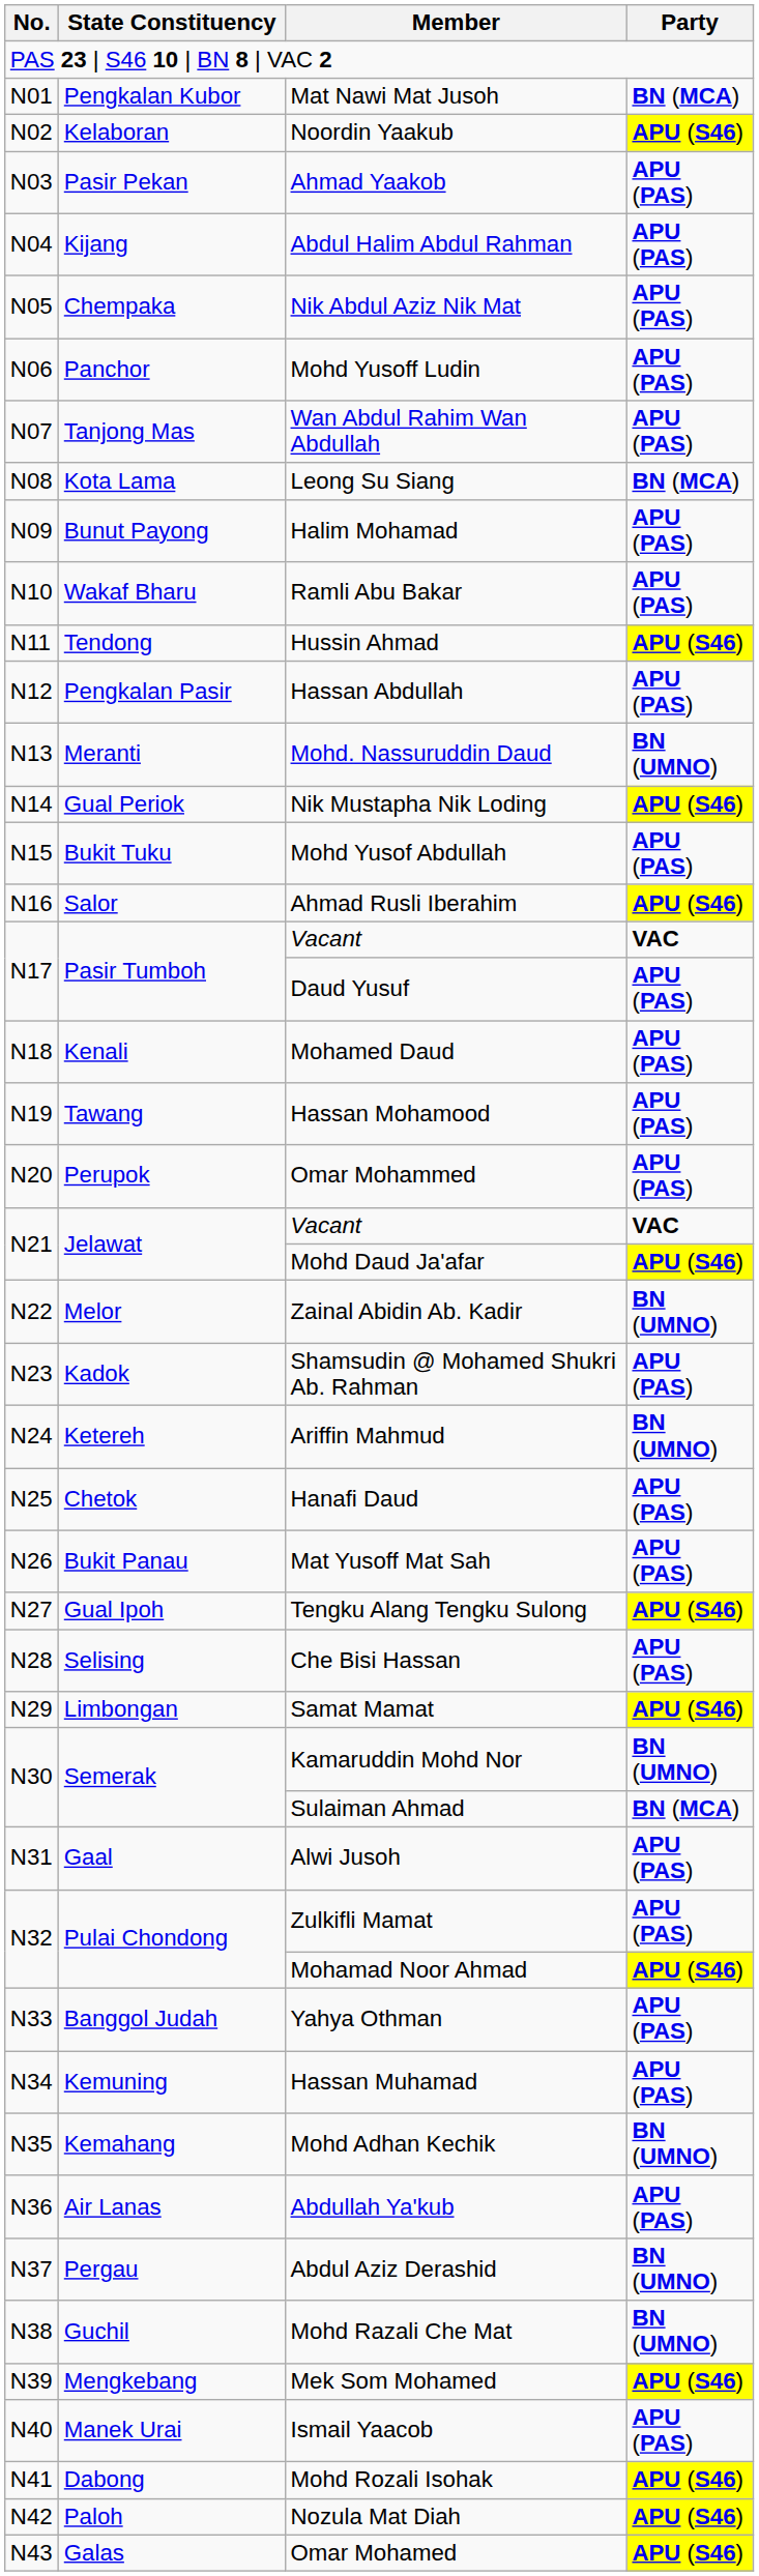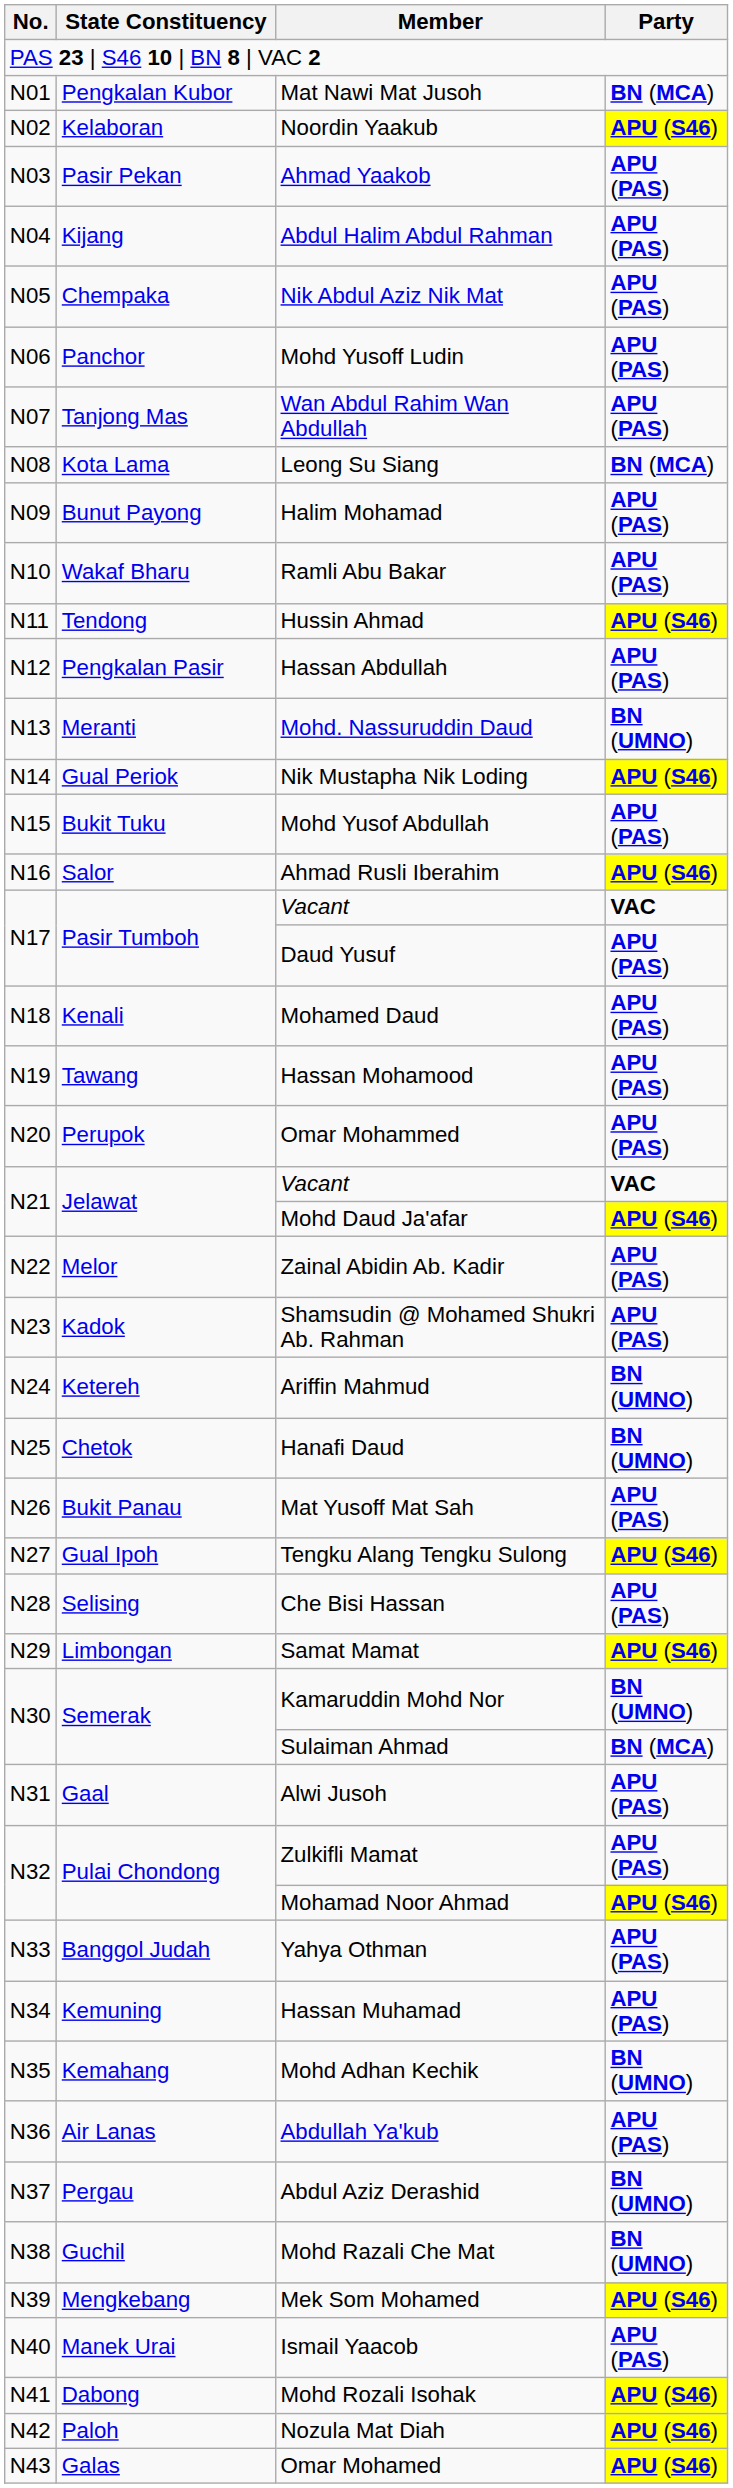 <table class="wikitable sortable">
 <tr>
 <th style="width:30px;">No.</th>
 <th style="width:150px;">State Constituency</th>
 <th style="width:230px;">Member</th>
 <th style="width:80px;">Party</th>
 </tr>
 <tr>
 <td colspan="4"><a href='#'>PAS</a> <strong>23</strong> | <a href='#'>S46</a> <strong>10</strong> | <a href='#'>BN</a> <strong>8</strong> | VAC <strong>2</strong></td>
 </tr>
 <tr>
 <td>N01</td>
 <td><a href='#'>Pengkalan Kubor</a></td>
 <td>Mat Nawi Mat Jusoh</td>
 <td><strong><a href='#'>BN</a></strong> (<strong><a href='#'>MCA</a></strong>)</td>
 </tr>
 <tr>
 <td>N02</td>
 <td><a href='#'>Kelaboran</a></td>
 <td>Noordin Yaakub</td>
 <td bgcolor="yellow"><strong><a href='#'>APU</a></strong> (<strong><a href='#'>S46</a></strong>)</td>
 </tr>
 <tr>
 <td>N03</td>
 <td><a href='#'>Pasir Pekan</a></td>
 <td><a href='#'>Ahmad Yaakob</a></td>
 <td><strong><a href='#'>APU</a></strong> (<strong><a href='#'>PAS</a></strong>)</td>
 </tr>
 <tr>
 <td>N04</td>
 <td><a href='#'>Kijang</a></td>
 <td><a href='#'>Abdul Halim Abdul Rahman</a></td>
 <td><strong><a href='#'>APU</a></strong> (<strong><a href='#'>PAS</a></strong>)</td>
 </tr>
 <tr>
 <td>N05</td>
 <td><a href='#'>Chempaka</a></td>
 <td><a href='#'>Nik Abdul Aziz Nik Mat</a></td>
 <td><strong><a href='#'>APU</a></strong> (<strong><a href='#'>PAS</a></strong>)</td>
 </tr>
 <tr>
 <td>N06</td>
 <td><a href='#'>Panchor</a></td>
 <td>Mohd Yusoff Ludin</td>
 <td><strong><a href='#'>APU</a></strong> (<strong><a href='#'>PAS</a></strong>)</td>
 </tr>
 <tr>
 <td>N07</td>
 <td><a href='#'>Tanjong Mas</a></td>
 <td><a href='#'>Wan Abdul Rahim Wan Abdullah</a></td>
 <td><strong><a href='#'>APU</a></strong> (<strong><a href='#'>PAS</a></strong>)</td>
 </tr>
 <tr>
 <td>N08</td>
 <td><a href='#'>Kota Lama</a></td>
 <td>Leong Su Siang</td>
 <td><strong><a href='#'>BN</a></strong> (<strong><a href='#'>MCA</a></strong>)</td>
 </tr>
 <tr>
 <td>N09</td>
 <td><a href='#'>Bunut Payong</a></td>
 <td>Halim Mohamad</td>
 <td><strong><a href='#'>APU</a></strong> (<strong><a href='#'>PAS</a></strong>)</td>
 </tr>
 <tr>
 <td>N10</td>
 <td><a href='#'>Wakaf Bharu</a></td>
 <td>Ramli Abu Bakar</td>
 <td><strong><a href='#'>APU</a></strong> (<strong><a href='#'>PAS</a></strong>)</td>
 </tr>
 <tr>
 <td>N11</td>
 <td><a href='#'>Tendong</a></td>
 <td>Hussin Ahmad</td>
 <td bgcolor="yellow"><strong><a href='#'>APU</a></strong> (<strong><a href='#'>S46</a></strong>)</td>
 </tr>
 <tr>
 <td>N12</td>
 <td><a href='#'>Pengkalan Pasir</a></td>
 <td>Hassan Abdullah</td>
 <td><strong><a href='#'>APU</a></strong> (<strong><a href='#'>PAS</a></strong>)</td>
 </tr>
 <tr>
 <td>N13</td>
 <td><a href='#'>Meranti</a></td>
 <td><a href='#'>Mohd. Nassuruddin Daud</a></td>
 <td><strong><a href='#'>BN</a></strong> (<strong><a href='#'>UMNO</a></strong>)</td>
 </tr>
 <tr>
 <td>N14</td>
 <td><a href='#'>Gual Periok</a></td>
 <td>Nik Mustapha Nik Loding</td>
 <td bgcolor="yellow"><strong><a href='#'>APU</a></strong> (<strong><a href='#'>S46</a></strong>)</td>
 </tr>
 <tr>
 <td>N15</td>
 <td><a href='#'>Bukit Tuku</a></td>
 <td>Mohd Yusof Abdullah</td>
 <td><strong><a href='#'>APU</a></strong> (<strong><a href='#'>PAS</a></strong>)</td>
 </tr>
 <tr>
 <td>N16</td>
 <td><a href='#'>Salor</a></td>
 <td>Ahmad Rusli Iberahim</td>
 <td bgcolor="yellow"><strong><a href='#'>APU</a></strong> (<strong><a href='#'>S46</a></strong>)</td>
 </tr>
 <tr>
 <td rowspan=2>N17</td>
 <td rowspan=2><a href='#'>Pasir Tumboh</a></td>
 <td><em>Vacant</em> </td>
 <td><strong>VAC</strong></td>
 </tr>
 <tr>
 <td>Daud Yusuf </td>
 <td><strong><a href='#'>APU</a></strong> (<strong><a href='#'>PAS</a></strong>)</td>
 </tr>
 <tr>
 <td>N18</td>
 <td><a href='#'>Kenali</a></td>
 <td>Mohamed Daud</td>
 <td><strong><a href='#'>APU</a></strong> (<strong><a href='#'>PAS</a></strong>)</td>
 </tr>
 <tr>
 <td>N19</td>
 <td><a href='#'>Tawang</a></td>
 <td>Hassan Mohamood</td>
 <td><strong><a href='#'>APU</a></strong> (<strong><a href='#'>PAS</a></strong>)</td>
 </tr>
 <tr>
 <td>N20</td>
 <td><a href='#'>Perupok</a></td>
 <td>Omar Mohammed</td>
 <td><strong><a href='#'>APU</a></strong> (<strong><a href='#'>PAS</a></strong>)</td>
 </tr>
 <tr>
 <td rowspan=2>N21</td>
 <td rowspan=2><a href='#'>Jelawat</a></td>
 <td><em>Vacant</em> </td>
 <td><strong>VAC</strong></td>
 </tr>
 <tr>
 <td>Mohd Daud Ja'afar </td>
 <td bgcolor="yellow"><strong><a href='#'>APU</a></strong> (<strong><a href='#'>S46</a></strong>)</td>
 </tr>
 <tr>
 <td>N22</td>
 <td><a href='#'>Melor</a></td>
 <td>Zainal Abidin Ab. Kadir</td>
-<td><strong><a href='#'>BN</a></strong> (<strong><a href='#'>UMNO</a></strong>)</td>
+<td><strong><a href='#'>APU</a></strong> (<strong><a href='#'>PAS</a></strong>)</td>
 </tr>
 <tr>
 <td>N23</td>
 <td><a href='#'>Kadok</a></td>
 <td>Shamsudin @ Mohamed Shukri Ab. Rahman</td>
 <td><strong><a href='#'>APU</a></strong> (<strong><a href='#'>PAS</a></strong>)</td>
 </tr>
 <tr>
 <td>N24</td>
 <td><a href='#'>Ketereh</a></td>
 <td>Ariffin Mahmud</td>
 <td><strong><a href='#'>BN</a></strong> (<strong><a href='#'>UMNO</a></strong>)</td>
 </tr>
 <tr>
 <td>N25</td>
 <td><a href='#'>Chetok</a></td>
 <td>Hanafi Daud</td>
-<td><strong><a href='#'>APU</a></strong> (<strong><a href='#'>PAS</a></strong>)</td>
+<td><strong><a href='#'>BN</a></strong> (<strong><a href='#'>UMNO</a></strong>)</td>
 </tr>
 <tr>
 <td>N26</td>
 <td><a href='#'>Bukit Panau</a></td>
 <td>Mat Yusoff Mat Sah</td>
 <td><strong><a href='#'>APU</a></strong> (<strong><a href='#'>PAS</a></strong>)</td>
 </tr>
 <tr>
 <td>N27</td>
 <td><a href='#'>Gual Ipoh</a></td>
 <td>Tengku Alang Tengku Sulong</td>
 <td bgcolor="yellow"><strong><a href='#'>APU</a></strong> (<strong><a href='#'>S46</a></strong>)</td>
 </tr>
 <tr>
 <td>N28</td>
 <td><a href='#'>Selising</a></td>
 <td>Che Bisi Hassan</td>
 <td><strong><a href='#'>APU</a></strong> (<strong><a href='#'>PAS</a></strong>)</td>
 </tr>
 <tr>
 <td>N29</td>
 <td><a href='#'>Limbongan</a></td>
 <td>Samat Mamat</td>
 <td bgcolor="yellow"><strong><a href='#'>APU</a></strong> (<strong><a href='#'>S46</a></strong>)</td>
 </tr>
 <tr>
 <td rowspan=2>N30</td>
 <td rowspan=2><a href='#'>Semerak</a></td>
 <td>Kamaruddin Mohd Nor </td>
 <td><strong><a href='#'>BN</a></strong> (<strong><a href='#'>UMNO</a></strong>)</td>
 </tr>
 <tr>
 <td>Sulaiman Ahmad </td>
 <td><strong><a href='#'>BN</a></strong> (<strong><a href='#'>MCA</a></strong>)</td>
 </tr>
 <tr>
 <td>N31</td>
 <td><a href='#'>Gaal</a></td>
 <td>Alwi Jusoh</td>
 <td><strong><a href='#'>APU</a></strong> (<strong><a href='#'>PAS</a></strong>)</td>
 </tr>
 <tr>
 <td rowspan=2>N32</td>
 <td rowspan=2><a href='#'>Pulai Chondong</a></td>
 <td>Zulkifli Mamat </td>
 <td><strong><a href='#'>APU</a></strong> (<strong><a href='#'>PAS</a></strong>)</td>
 </tr>
 <tr>
 <td>Mohamad Noor Ahmad </td>
 <td bgcolor="yellow"><strong><a href='#'>APU</a></strong> (<strong><a href='#'>S46</a></strong>)</td>
 </tr>
 <tr>
 <td>N33</td>
 <td><a href='#'>Banggol Judah</a></td>
 <td>Yahya Othman</td>
 <td><strong><a href='#'>APU</a></strong> (<strong><a href='#'>PAS</a></strong>)</td>
 </tr>
 <tr>
 <td>N34</td>
 <td><a href='#'>Kemuning</a></td>
 <td>Hassan Muhamad</td>
 <td><strong><a href='#'>APU</a></strong> (<strong><a href='#'>PAS</a></strong>)</td>
 </tr>
 <tr>
 <td>N35</td>
 <td><a href='#'>Kemahang</a></td>
 <td>Mohd Adhan Kechik</td>
 <td><strong><a href='#'>BN</a></strong> (<strong><a href='#'>UMNO</a></strong>)</td>
 </tr>
 <tr>
 <td>N36</td>
 <td><a href='#'>Air Lanas</a></td>
 <td><a href='#'>Abdullah Ya'kub</a></td>
 <td><strong><a href='#'>APU</a></strong> (<strong><a href='#'>PAS</a></strong>)</td>
 </tr>
 <tr>
 <td>N37</td>
 <td><a href='#'>Pergau</a></td>
 <td>Abdul Aziz Derashid</td>
 <td><strong><a href='#'>BN</a></strong> (<strong><a href='#'>UMNO</a></strong>)</td>
 </tr>
 <tr>
 <td>N38</td>
 <td><a href='#'>Guchil</a></td>
 <td>Mohd Razali Che Mat</td>
 <td><strong><a href='#'>BN</a></strong> (<strong><a href='#'>UMNO</a></strong>)</td>
 </tr>
 <tr>
 <td>N39</td>
 <td><a href='#'>Mengkebang</a></td>
 <td>Mek Som Mohamed</td>
 <td bgcolor="yellow"><strong><a href='#'>APU</a></strong> (<strong><a href='#'>S46</a></strong>)</td>
 </tr>
 <tr>
 <td>N40</td>
 <td><a href='#'>Manek Urai</a></td>
 <td>Ismail Yaacob</td>
 <td><strong><a href='#'>APU</a></strong> (<strong><a href='#'>PAS</a></strong>)</td>
 </tr>
 <tr>
 <td>N41</td>
 <td><a href='#'>Dabong</a></td>
 <td>Mohd Rozali Isohak</td>
 <td bgcolor="yellow"><strong><a href='#'>APU</a></strong> (<strong><a href='#'>S46</a></strong>)</td>
 </tr>
 <tr>
 <td>N42</td>
 <td><a href='#'>Paloh</a></td>
 <td>Nozula Mat Diah</td>
 <td bgcolor="yellow"><strong><a href='#'>APU</a></strong> (<strong><a href='#'>S46</a></strong>)</td>
 </tr>
 <tr>
 <td>N43</td>
 <td><a href='#'>Galas</a></td>
 <td>Omar Mohamed</td>
 <td bgcolor="yellow"><strong><a href='#'>APU</a></strong> (<strong><a href='#'>S46</a></strong>)</td>
 </tr>
 </table>
